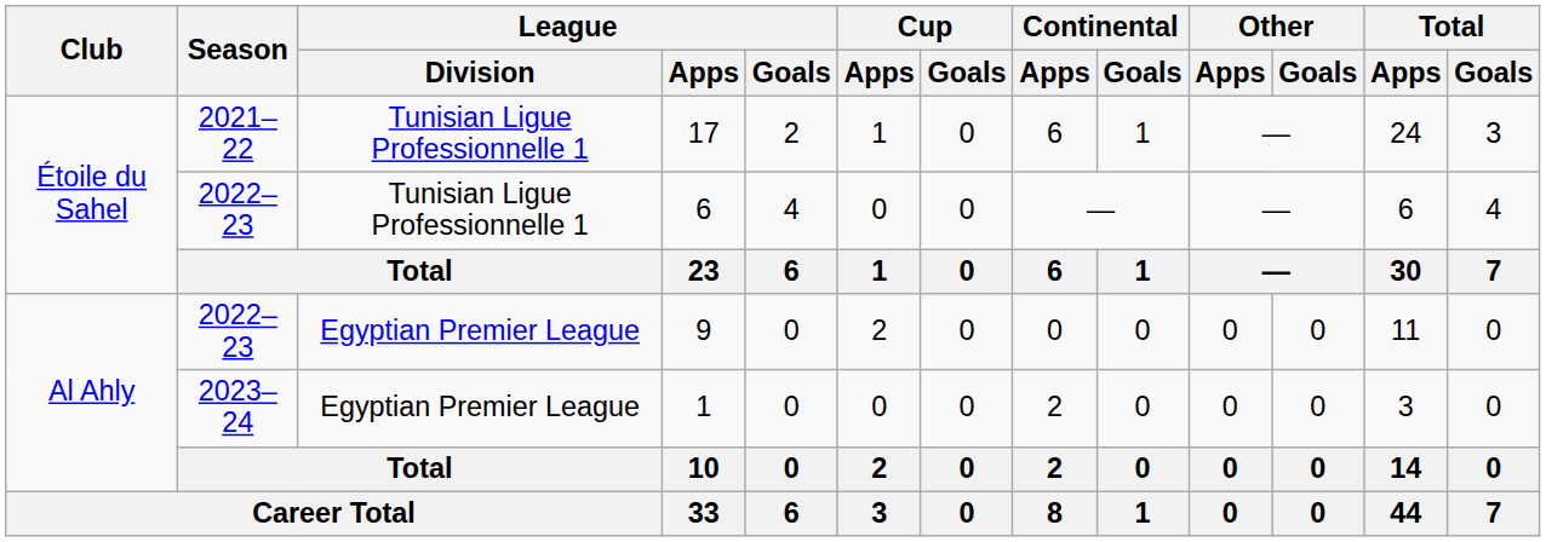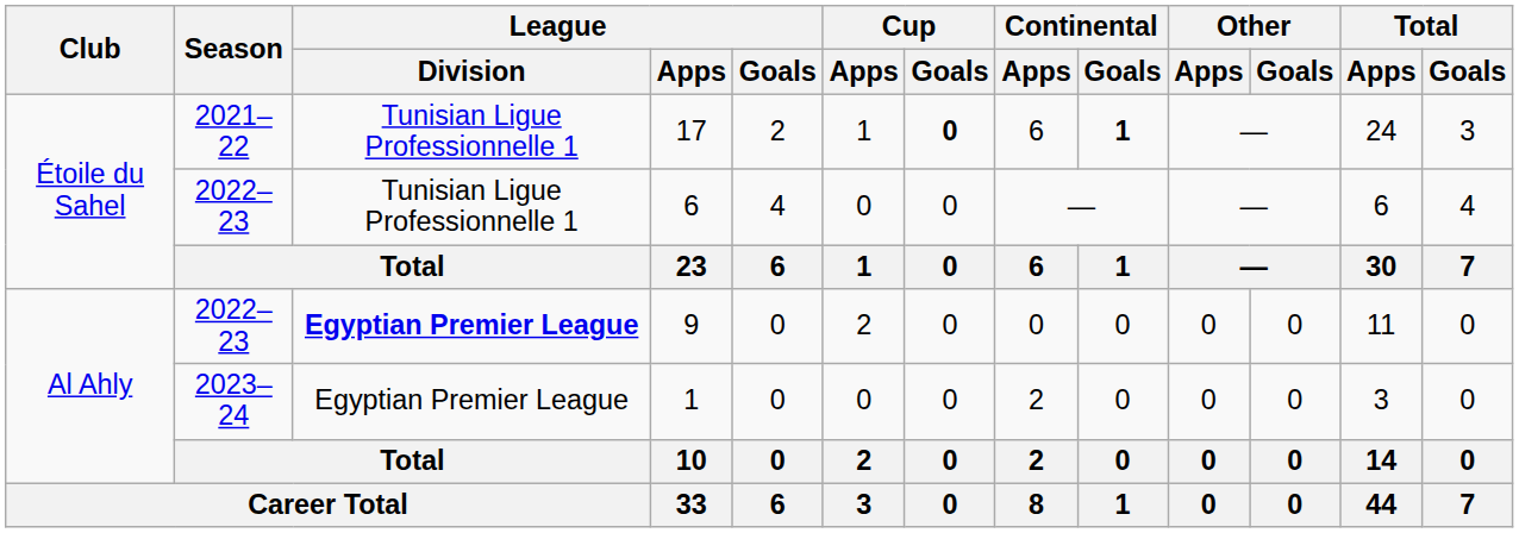 <table class=wikitable style=text-align:center>
 <tr>
 <th rowspan=2>Club</th>
 <th rowspan=2>Season</th>
 <th colspan=3>League</th>
 <th colspan=2>Cup</th>
 <th colspan=2>Continental</th>
 <th colspan=2>Other</th>
 <th colspan=2>Total</th>
 </tr>
 <tr>
 <th>Division</th>
 <th>Apps</th>
 <th>Goals</th>
 <th>Apps</th>
 <th>Goals</th>
 <th>Apps</th>
 <th>Goals</th>
 <th>Apps</th>
 <th>Goals</th>
 <th>Apps</th>
 <th>Goals</th>
 </tr>
 <tr>
 <td rowspan=3><a href='#'>Étoile du Sahel</a></td>
 <td><a href='#'>2021–22</a></td>
 <td><a href='#'>Tunisian Ligue Professionnelle 1</a></td>
 <td>17</td>
 <td>2</td>
 <td>1</td>
-<td>0</td>
+<td><strong>0</strong></td>
 <td>6</td>
-<td>1</td>
+<td><strong>1</strong></td>
 <td colspan=2>—</td>
 <td>24</td>
 <td>3</td>
 </tr>
 <tr>
 <td><a href='#'>2022–23</a></td>
 <td>Tunisian Ligue Professionnelle 1</td>
 <td>6</td>
 <td>4</td>
 <td>0</td>
 <td>0</td>
 <td colspan=2>—</td>
 <td colspan=2>—</td>
 <td>6</td>
 <td>4</td>
 </tr>
 <tr>
 <th colspan=2>Total</th>
 <th>23</th>
 <th>6</th>
 <th>1</th>
 <th>0</th>
 <th>6</th>
 <th>1</th>
 <th colspan=2>—</th>
 <th>30</th>
 <th>7</th>
 </tr>
 <tr>
 <td rowspan=3><a href='#'>Al Ahly</a></td>
 <td><a href='#'>2022–23</a></td>
-<td><a href='#'>Egyptian Premier League</a></td>
+<td><strong><a href='#'>Egyptian Premier League</a></strong></td>
 <td>9</td>
 <td>0</td>
 <td>2</td>
 <td>0</td>
 <td>0</td>
 <td>0</td>
 <td>0</td>
 <td>0</td>
 <td>11</td>
 <td>0</td>
 </tr>
 <tr>
 <td><a href='#'>2023–24</a></td>
 <td>Egyptian Premier League</td>
 <td>1</td>
 <td>0</td>
 <td>0</td>
 <td>0</td>
 <td>2</td>
 <td>0</td>
 <td>0</td>
 <td>0</td>
 <td>3</td>
 <td>0</td>
 </tr>
 <tr>
 <th colspan=2>Total</th>
 <th>10</th>
 <th>0</th>
 <th>2</th>
 <th>0</th>
 <th>2</th>
 <th>0</th>
 <th>0</th>
 <th>0</th>
 <th>14</th>
 <th>0</th>
 </tr>
 <tr>
 <th colspan=3>Career Total</th>
 <th>33</th>
 <th>6</th>
 <th>3</th>
 <th>0</th>
 <th>8</th>
 <th>1</th>
 <th>0</th>
 <th>0</th>
 <th>44</th>
 <th>7</th>
 </tr>
 </table>
